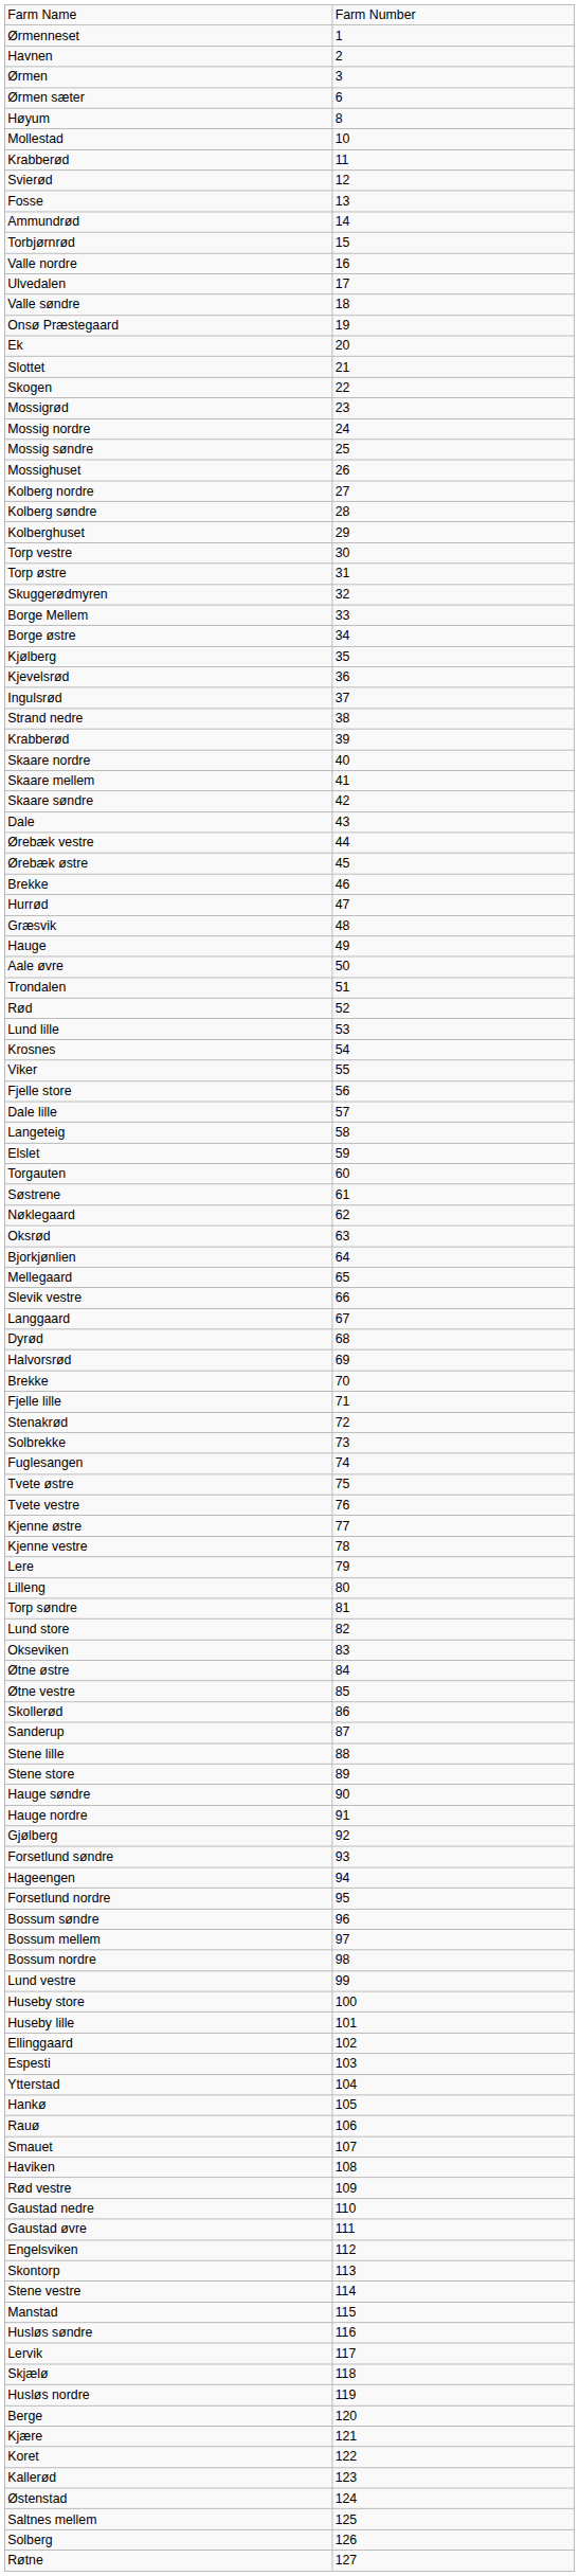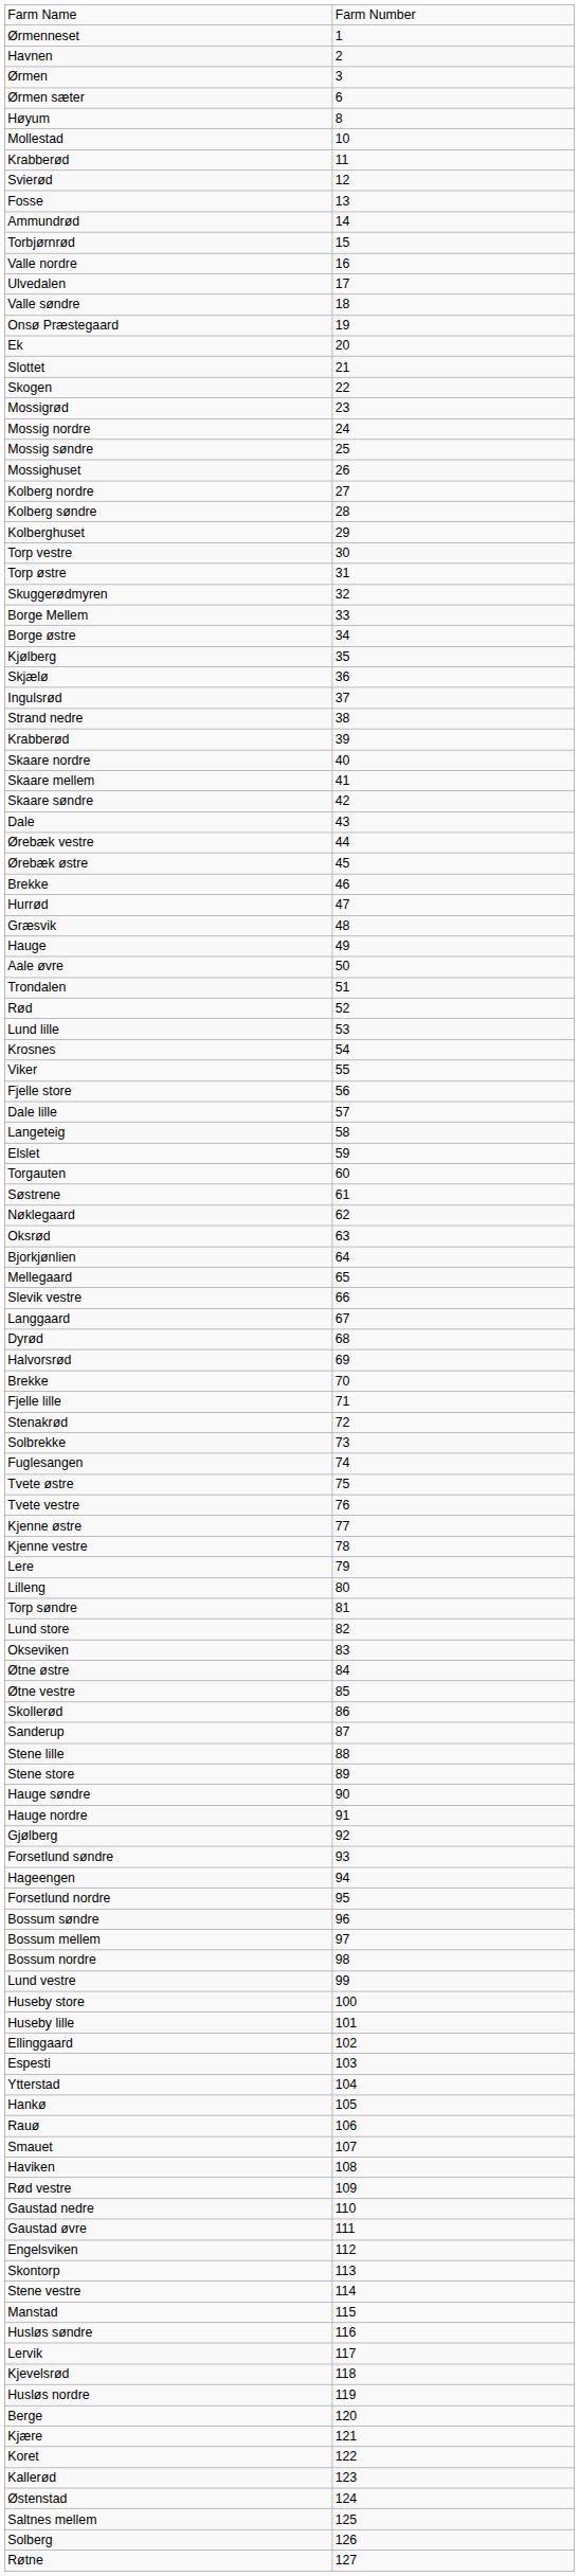 <table border="1" width="700" class="wikitable sortable">
 <tr>
 <td>Farm Name</td>
 <td>Farm Number</td>
 </tr>
 <tr>
 <td>Ørmenneset</td>
 <td>1</td>
 </tr>
 <tr>
 <td>Havnen</td>
 <td>2</td>
 </tr>
 <tr>
 <td>Ørmen</td>
 <td>3</td>
 </tr>
 <tr>
 <td>Ørmen sæter</td>
 <td>6</td>
 </tr>
 <tr>
 <td>Høyum</td>
 <td>8</td>
 </tr>
 <tr>
 <td>Mollestad</td>
 <td>10</td>
 </tr>
 <tr>
 <td>Krabberød</td>
 <td>11</td>
 </tr>
 <tr>
 <td>Svierød</td>
 <td>12</td>
 </tr>
 <tr>
 <td>Fosse</td>
 <td>13</td>
 </tr>
 <tr>
 <td>Ammundrød</td>
 <td>14</td>
 </tr>
 <tr>
 <td>Torbjørnrød</td>
 <td>15</td>
 </tr>
 <tr>
 <td>Valle nordre</td>
 <td>16</td>
 </tr>
 <tr>
 <td>Ulvedalen</td>
 <td>17</td>
 </tr>
 <tr>
 <td>Valle søndre</td>
 <td>18</td>
 </tr>
 <tr>
 <td>Onsø Præstegaard</td>
 <td>19</td>
 </tr>
 <tr>
 <td>Ek</td>
 <td>20</td>
 </tr>
 <tr>
 <td>Slottet</td>
 <td>21</td>
 </tr>
 <tr>
 <td>Skogen</td>
 <td>22</td>
 </tr>
 <tr>
 <td>Mossigrød</td>
 <td>23</td>
 </tr>
 <tr>
 <td>Mossig nordre</td>
 <td>24</td>
 </tr>
 <tr>
 <td>Mossig søndre</td>
 <td>25</td>
 </tr>
 <tr>
 <td>Mossighuset</td>
 <td>26</td>
 </tr>
 <tr>
 <td>Kolberg nordre</td>
 <td>27</td>
 </tr>
 <tr>
 <td>Kolberg søndre</td>
 <td>28</td>
 </tr>
 <tr>
 <td>Kolberghuset</td>
 <td>29</td>
 </tr>
 <tr>
 <td>Torp vestre</td>
 <td>30</td>
 </tr>
 <tr>
 <td>Torp østre</td>
 <td>31</td>
 </tr>
 <tr>
 <td>Skuggerødmyren</td>
 <td>32</td>
 </tr>
 <tr>
 <td>Borge Mellem</td>
 <td>33</td>
 </tr>
 <tr>
 <td>Borge østre</td>
 <td>34</td>
 </tr>
 <tr>
 <td>Kjølberg</td>
 <td>35</td>
 </tr>
 <tr>
-<td>Kjevelsrød</td>
+<td>Skjælø</td>
 <td>36</td>
 </tr>
 <tr>
 <td>Ingulsrød</td>
 <td>37</td>
 </tr>
 <tr>
 <td>Strand nedre</td>
 <td>38</td>
 </tr>
 <tr>
 <td>Krabberød</td>
 <td>39</td>
 </tr>
 <tr>
 <td>Skaare nordre</td>
 <td>40</td>
 </tr>
 <tr>
 <td>Skaare mellem</td>
 <td>41</td>
 </tr>
 <tr>
 <td>Skaare søndre</td>
 <td>42</td>
 </tr>
 <tr>
 <td>Dale</td>
 <td>43</td>
 </tr>
 <tr>
 <td>Ørebæk vestre</td>
 <td>44</td>
 </tr>
 <tr>
 <td>Ørebæk østre</td>
 <td>45</td>
 </tr>
 <tr>
 <td>Brekke</td>
 <td>46</td>
 </tr>
 <tr>
 <td>Hurrød</td>
 <td>47</td>
 </tr>
 <tr>
 <td>Græsvik</td>
 <td>48</td>
 </tr>
 <tr>
 <td>Hauge</td>
 <td>49</td>
 </tr>
 <tr>
 <td>Aale øvre</td>
 <td>50</td>
 </tr>
 <tr>
 <td>Trondalen</td>
 <td>51</td>
 </tr>
 <tr>
 <td>Rød</td>
 <td>52</td>
 </tr>
 <tr>
 <td>Lund lille</td>
 <td>53</td>
 </tr>
 <tr>
 <td>Krosnes</td>
 <td>54</td>
 </tr>
 <tr>
 <td>Viker</td>
 <td>55</td>
 </tr>
 <tr>
 <td>Fjelle store</td>
 <td>56</td>
 </tr>
 <tr>
 <td>Dale lille</td>
 <td>57</td>
 </tr>
 <tr>
 <td>Langeteig</td>
 <td>58</td>
 </tr>
 <tr>
 <td>Elslet</td>
 <td>59</td>
 </tr>
 <tr>
 <td>Torgauten</td>
 <td>60</td>
 </tr>
 <tr>
 <td>Søstrene</td>
 <td>61</td>
 </tr>
 <tr>
 <td>Nøklegaard</td>
 <td>62</td>
 </tr>
 <tr>
 <td>Oksrød</td>
 <td>63</td>
 </tr>
 <tr>
 <td>Bjorkjønlien</td>
 <td>64</td>
 </tr>
 <tr>
 <td>Mellegaard</td>
 <td>65</td>
 </tr>
 <tr>
 <td>Slevik vestre</td>
 <td>66</td>
 </tr>
 <tr>
 <td>Langgaard</td>
 <td>67</td>
 </tr>
 <tr>
 <td>Dyrød</td>
 <td>68</td>
 </tr>
 <tr>
 <td>Halvorsrød</td>
 <td>69</td>
 </tr>
 <tr>
 <td>Brekke</td>
 <td>70</td>
 </tr>
 <tr>
 <td>Fjelle lille</td>
 <td>71</td>
 </tr>
 <tr>
 <td>Stenakrød</td>
 <td>72</td>
 </tr>
 <tr>
 <td>Solbrekke</td>
 <td>73</td>
 </tr>
 <tr>
 <td>Fuglesangen</td>
 <td>74</td>
 </tr>
 <tr>
 <td>Tvete østre</td>
 <td>75</td>
 </tr>
 <tr>
 <td>Tvete vestre</td>
 <td>76</td>
 </tr>
 <tr>
 <td>Kjenne østre</td>
 <td>77</td>
 </tr>
 <tr>
 <td>Kjenne vestre</td>
 <td>78</td>
 </tr>
 <tr>
 <td>Lere</td>
 <td>79</td>
 </tr>
 <tr>
 <td>Lilleng</td>
 <td>80</td>
 </tr>
 <tr>
 <td>Torp søndre</td>
 <td>81</td>
 </tr>
 <tr>
 <td>Lund store</td>
 <td>82</td>
 </tr>
 <tr>
 <td>Okseviken</td>
 <td>83</td>
 </tr>
 <tr>
 <td>Øtne østre</td>
 <td>84</td>
 </tr>
 <tr>
 <td>Øtne vestre</td>
 <td>85</td>
 </tr>
 <tr>
 <td>Skollerød</td>
 <td>86</td>
 </tr>
 <tr>
 <td>Sanderup</td>
 <td>87</td>
 </tr>
 <tr>
 <td>Stene lille</td>
 <td>88</td>
 </tr>
 <tr>
 <td>Stene store</td>
 <td>89</td>
 </tr>
 <tr>
 <td>Hauge søndre</td>
 <td>90</td>
 </tr>
 <tr>
 <td>Hauge nordre</td>
 <td>91</td>
 </tr>
 <tr>
 <td>Gjølberg</td>
 <td>92</td>
 </tr>
 <tr>
 <td>Forsetlund søndre</td>
 <td>93</td>
 </tr>
 <tr>
 <td>Hageengen</td>
 <td>94</td>
 </tr>
 <tr>
 <td>Forsetlund nordre</td>
 <td>95</td>
 </tr>
 <tr>
 <td>Bossum søndre</td>
 <td>96</td>
 </tr>
 <tr>
 <td>Bossum mellem</td>
 <td>97</td>
 </tr>
 <tr>
 <td>Bossum nordre</td>
 <td>98</td>
 </tr>
 <tr>
 <td>Lund vestre</td>
 <td>99</td>
 </tr>
 <tr>
 <td>Huseby store</td>
 <td>100</td>
 </tr>
 <tr>
 <td>Huseby lille</td>
 <td>101</td>
 </tr>
 <tr>
 <td>Ellinggaard</td>
 <td>102</td>
 </tr>
 <tr>
 <td>Espesti</td>
 <td>103</td>
 </tr>
 <tr>
 <td>Ytterstad</td>
 <td>104</td>
 </tr>
 <tr>
 <td>Hankø</td>
 <td>105</td>
 </tr>
 <tr>
 <td>Rauø</td>
 <td>106</td>
 </tr>
 <tr>
 <td>Smauet</td>
 <td>107</td>
 </tr>
 <tr>
 <td>Haviken</td>
 <td>108</td>
 </tr>
 <tr>
 <td>Rød vestre</td>
 <td>109</td>
 </tr>
 <tr>
 <td>Gaustad nedre</td>
 <td>110</td>
 </tr>
 <tr>
 <td>Gaustad øvre</td>
 <td>111</td>
 </tr>
 <tr>
 <td>Engelsviken</td>
 <td>112</td>
 </tr>
 <tr>
 <td>Skontorp</td>
 <td>113</td>
 </tr>
 <tr>
 <td>Stene vestre</td>
 <td>114</td>
 </tr>
 <tr>
 <td>Manstad</td>
 <td>115</td>
 </tr>
 <tr>
 <td>Husløs søndre</td>
 <td>116</td>
 </tr>
 <tr>
 <td>Lervik</td>
 <td>117</td>
 </tr>
 <tr>
-<td>Skjælø</td>
+<td>Kjevelsrød</td>
 <td>118</td>
 </tr>
 <tr>
 <td>Husløs nordre</td>
 <td>119</td>
 </tr>
 <tr>
 <td>Berge</td>
 <td>120</td>
 </tr>
 <tr>
 <td>Kjære</td>
 <td>121</td>
 </tr>
 <tr>
 <td>Koret</td>
 <td>122</td>
 </tr>
 <tr>
 <td>Kallerød</td>
 <td>123</td>
 </tr>
 <tr>
 <td>Østenstad</td>
 <td>124</td>
 </tr>
 <tr>
 <td>Saltnes mellem</td>
 <td>125</td>
 </tr>
 <tr>
 <td>Solberg</td>
 <td>126</td>
 </tr>
 <tr>
 <td>Røtne</td>
 <td>127</td>
 </tr>
 </table>
